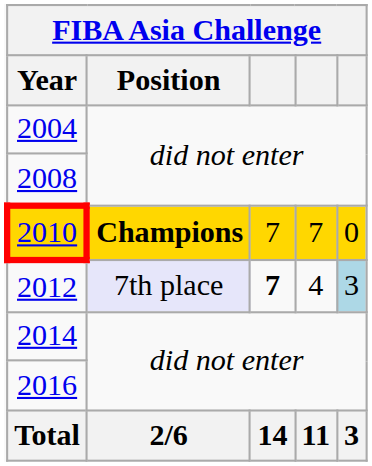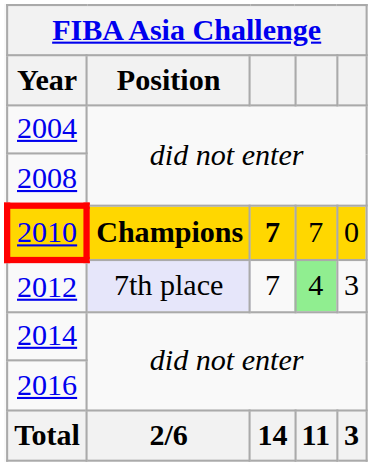 <table class="wikitable" style="text-align: center;font-size:90%;">
 <tr>
 <th colspan=5><a href='#'>FIBA Asia Challenge</a></th>
 </tr>
 <tr>
 <th>Year</th>
 <th>Position</th>
 <th></th>
 <th></th>
 <th></th>
 </tr>
 <tr>
 <td> <a href='#'>2004</a></td>
 <td colspan="4" rowspan="2"><em>did not enter</em></td>
 </tr>
 <tr>
 <td> <a href='#'>2008</a></td>
 </tr>
 <tr bgcolor=gold>
 <td style="border: 3px solid red"> <a href='#'>2010</a></td>
 <td><strong>Champions</strong></td>
-<td>7</td>
+<td><strong>7</strong></td>
 <td>7</td>
 <td>0</td>
 </tr>
 <tr>
 <td> <a href='#'>2012</a></td>
 <td style="background: lavender;">7th place</td>
-<td><strong>7</strong></td>
-<td>4</td>
-<td style="background: lightblue;">3</td>
+<td>7</td>
+<td style="background: lightgreen;">4</td>
+<td>3</td>
 </tr>
 <tr>
 <td> <a href='#'>2014</a></td>
 <td colspan=4 rowspan=2><em>did not enter</em></td>
 </tr>
 <tr>
 <td> <a href='#'>2016</a></td>
 </tr>
 <tr>
 <th><strong>Total</strong></th>
 <th>2/6</th>
 <th>14</th>
 <th>11</th>
 <th>3</th>
 </tr>
 </table>
